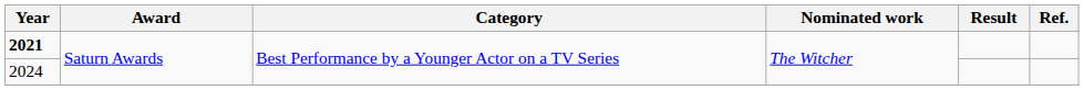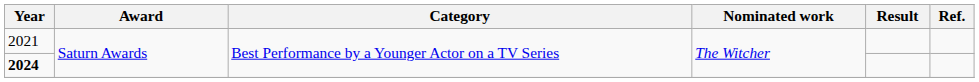 <table width="80%" class="wikitable">
 <tr>
 <th width="10">Year</th>
 <th width="130">Award</th>
 <th width="360">Category</th>
 <th width="130">Nominated work</th>
 <th width="30">Result</th>
 <th width="10">Ref.</th>
 </tr>
 <tr>
-<td><strong>2021</strong></td>
+<td>2021</td>
 <td rowspan="2"><a href='#'>Saturn Awards</a></td>
 <td rowspan="2"><a href='#'>Best Performance by a Younger Actor on a TV Series</a></td>
 <td rowspan="2"><em><a href='#'>The Witcher</a></em></td>
 <td></td>
 <td></td>
 </tr>
 <tr>
-<td>2024</td>
+<td><strong>2024</strong></td>
 <td></td>
 <td></td>
 </tr>
 <tr>
 </tr>
 </table>
